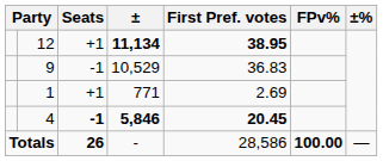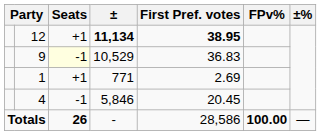 <table class=wikitable>
 <tr>
 <th colspan=2 align=center>Party</th>
 <th valign=top>Seats</th>
 <th valign=top>±</th>
 <th valign=top>First Pref. votes</th>
 <th valign=top>FPv%</th>
 <th valign=top>±%</th>
 </tr>
 <tr>
 <td></td>
 <td align=right>12</td>
 <td align=right>+1</td>
 <td align=right><strong>11,134</strong></td>
 <td align=right><strong>38.95</strong></td>
 <td align=right></td>
 </tr>
 <tr>
 <td></td>
 <td align=right>9</td>
-<td align=right>-1</td>
+<td align=right style="background: lightyellow;">-1</td>
 <td align=right>10,529</td>
 <td align=right>36.83</td>
 <td align=right></td>
 </tr>
 <tr>
 <td></td>
 <td align=right>1</td>
 <td align=right>+1</td>
 <td align=right>771</td>
 <td align=right>2.69</td>
 <td align=right></td>
 </tr>
 <tr>
 <td></td>
 <td align=right>4</td>
-<td align=right><strong>-1</strong></td>
-<td align=right><strong>5,846</strong></td>
-<td align=right><strong>20.45</strong></td>
+<td align=right>-1</td>
+<td align=right>5,846</td>
+<td align=right>20.45</td>
 <td align=right></td>
 </tr>
 <tr>
 <td colspan=2 align=center><strong>Totals</strong></td>
 <td align=right><strong>26</strong></td>
 <td align=center>-</td>
 <td align=right>28,586</td>
 <td align=center><strong>100.00</strong></td>
 <td align=center>—</td>
 </tr>
 </table>
